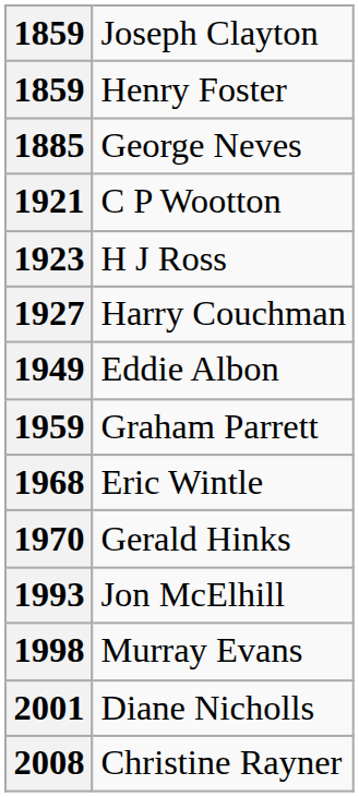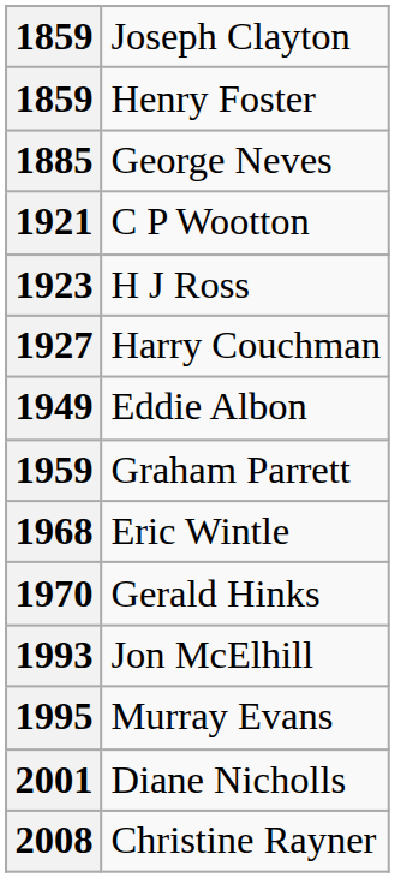 <table class="wikitable floatright">
 <tr>
 <th>1859</th>
 <td>Joseph Clayton</td>
 </tr>
 <tr>
 <th>1859</th>
 <td>Henry Foster</td>
 </tr>
 <tr>
 <th>1885</th>
 <td>George Neves</td>
 </tr>
 <tr>
 <th>1921</th>
 <td>C P Wootton</td>
 </tr>
 <tr>
 <th>1923</th>
 <td>H J Ross</td>
 </tr>
 <tr>
 <th>1927</th>
 <td>Harry Couchman</td>
 </tr>
 <tr>
 <th>1949</th>
 <td>Eddie Albon</td>
 </tr>
 <tr>
 <th>1959</th>
 <td>Graham Parrett</td>
 </tr>
 <tr>
 <th>1968</th>
 <td>Eric Wintle</td>
 </tr>
 <tr>
 <th>1970</th>
 <td>Gerald Hinks</td>
 </tr>
 <tr>
 <th>1993</th>
 <td>Jon McElhill</td>
 </tr>
 <tr>
-<th>1998</th>
+<th>1995</th>
 <td>Murray Evans</td>
 </tr>
 <tr>
 <th>2001</th>
 <td>Diane Nicholls</td>
 </tr>
 <tr>
 <th>2008</th>
 <td>Christine Rayner</td>
 </tr>
 </table>
